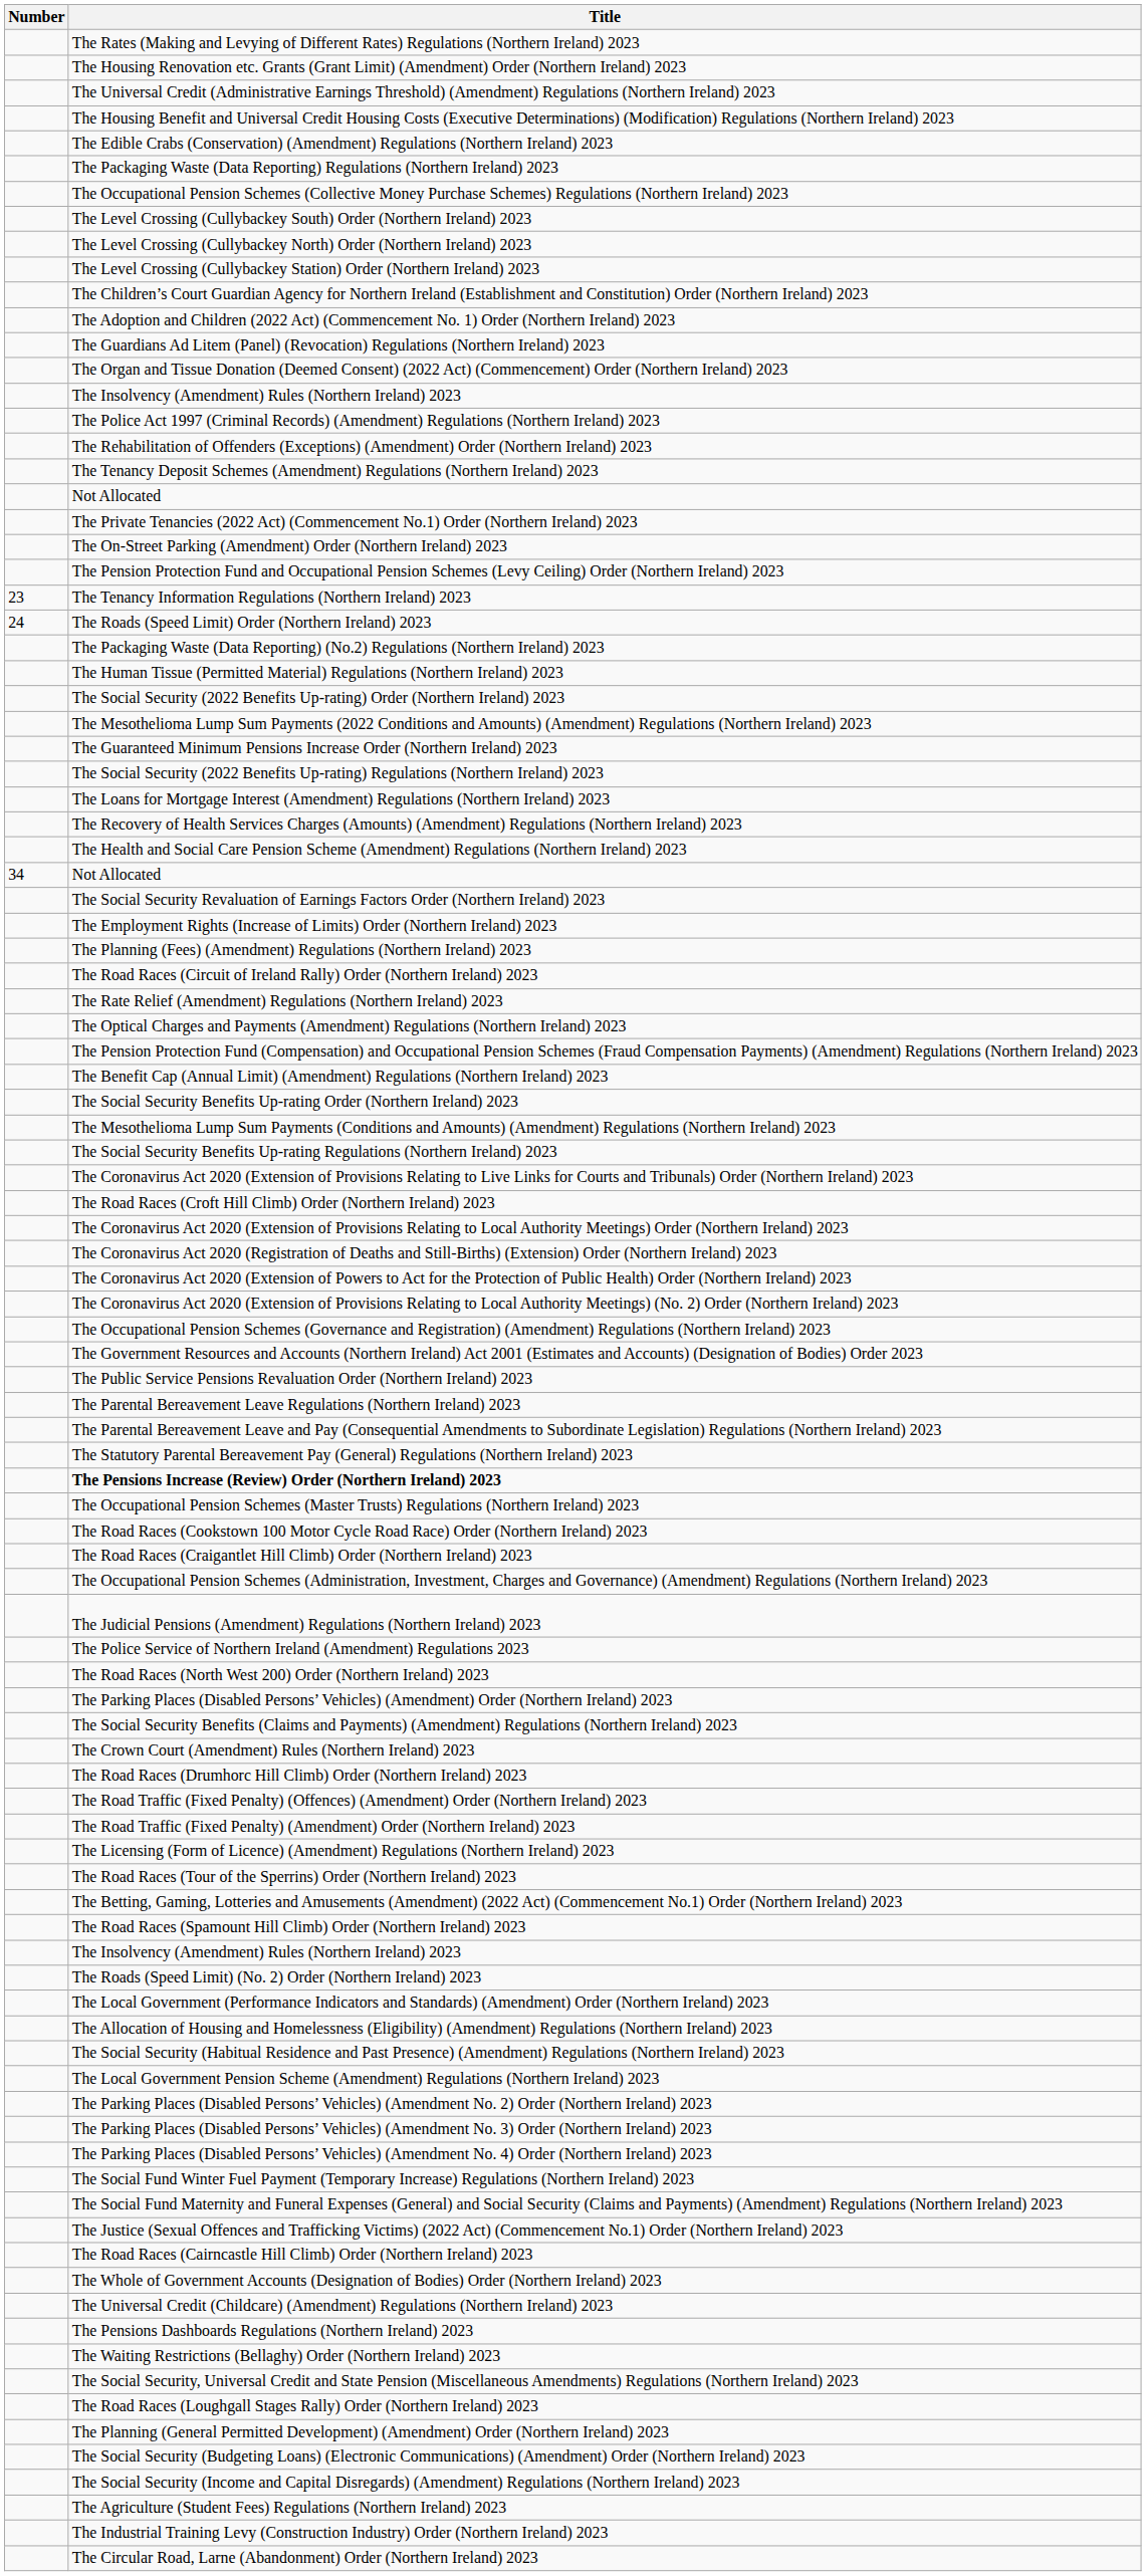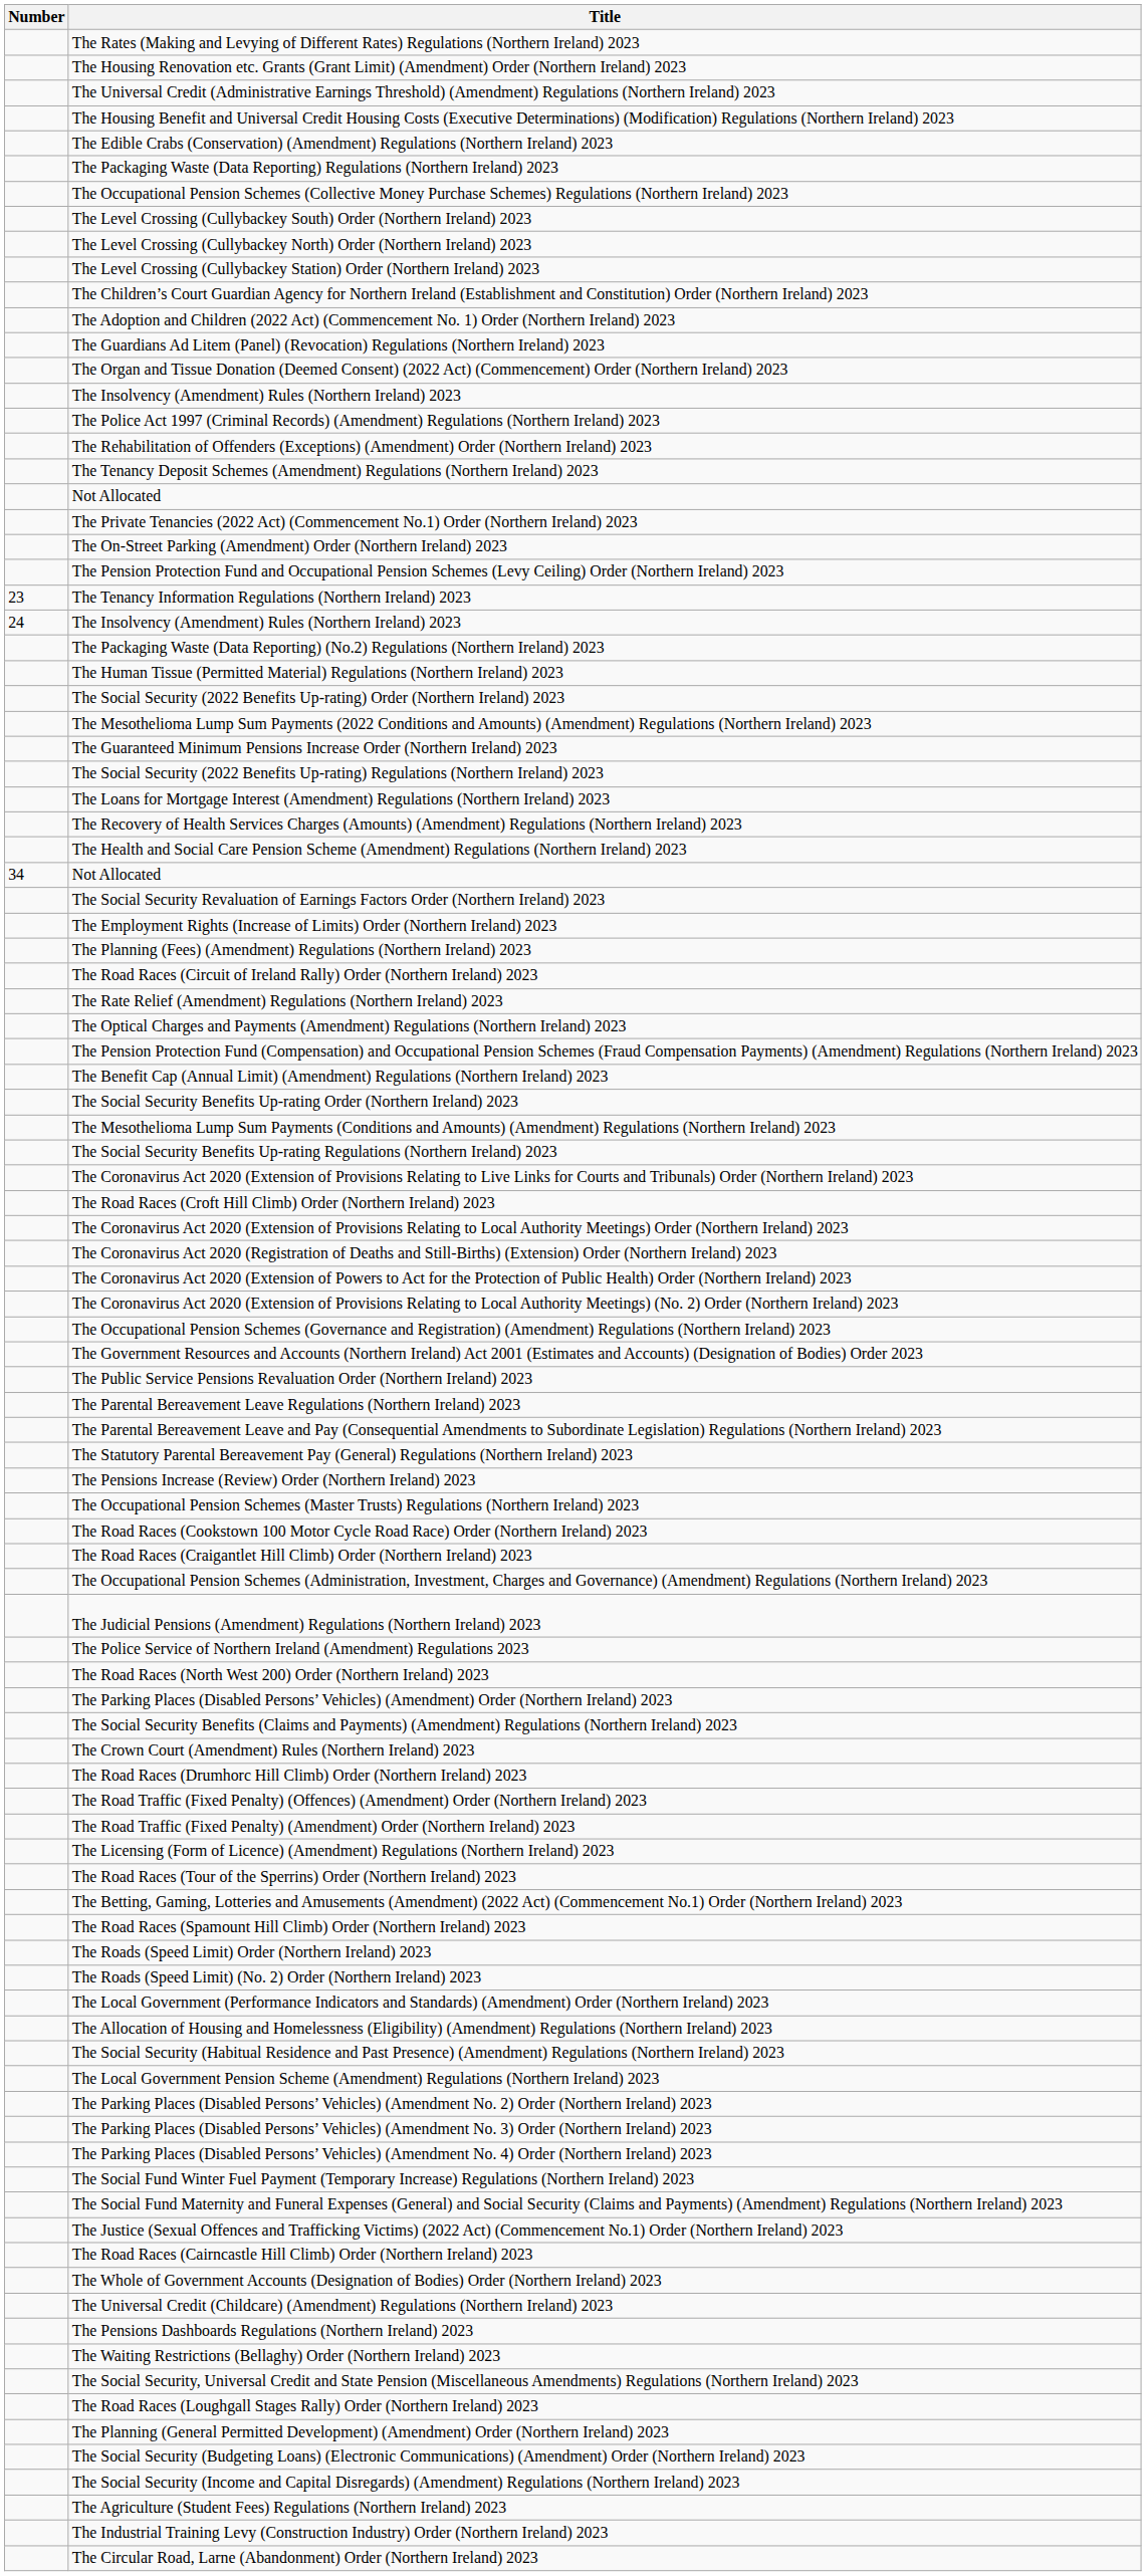 <table class="wikitable collapsible">
 <tr>
 <th>Number</th>
 <th>Title</th>
 </tr>
 <tr>
 <td></td>
 <td>The Rates (Making and Levying of Different Rates) Regulations (Northern Ireland) 2023</td>
 </tr>
 <tr>
 <td></td>
 <td>The Housing Renovation etc. Grants (Grant Limit) (Amendment) Order (Northern Ireland) 2023</td>
 </tr>
 <tr>
 <td></td>
 <td>The Universal Credit (Administrative Earnings Threshold) (Amendment) Regulations (Northern Ireland) 2023</td>
 </tr>
 <tr>
 <td></td>
 <td>The Housing Benefit and Universal Credit Housing Costs (Executive Determinations) (Modification) Regulations (Northern Ireland) 2023</td>
 </tr>
 <tr>
 <td></td>
 <td>The Edible Crabs (Conservation) (Amendment) Regulations (Northern Ireland) 2023</td>
 </tr>
 <tr>
 <td></td>
 <td>The Packaging Waste (Data Reporting) Regulations (Northern Ireland) 2023</td>
 </tr>
 <tr>
 <td></td>
 <td>The Occupational Pension Schemes (Collective Money Purchase Schemes) Regulations (Northern Ireland) 2023</td>
 </tr>
 <tr>
 <td></td>
 <td>The Level Crossing (Cullybackey South) Order (Northern Ireland) 2023</td>
 </tr>
 <tr>
 <td></td>
 <td>The Level Crossing (Cullybackey North) Order (Northern Ireland) 2023</td>
 </tr>
 <tr>
 <td></td>
 <td>The Level Crossing (Cullybackey Station) Order (Northern Ireland) 2023</td>
 </tr>
 <tr>
 <td></td>
 <td>The Children’s Court Guardian Agency for Northern Ireland (Establishment and Constitution) Order (Northern Ireland) 2023</td>
 </tr>
 <tr>
 <td></td>
 <td>The Adoption and Children (2022 Act) (Commencement No. 1) Order (Northern Ireland) 2023</td>
 </tr>
 <tr>
 <td></td>
 <td>The Guardians Ad Litem (Panel) (Revocation) Regulations (Northern Ireland) 2023</td>
 </tr>
 <tr>
 <td></td>
 <td>The Organ and Tissue Donation (Deemed Consent) (2022 Act) (Commencement) Order (Northern Ireland) 2023</td>
 </tr>
 <tr>
 <td></td>
 <td>The Insolvency (Amendment) Rules (Northern Ireland) 2023</td>
 </tr>
 <tr>
 <td></td>
 <td>The Police Act 1997 (Criminal Records) (Amendment) Regulations (Northern Ireland) 2023</td>
 </tr>
 <tr>
 <td></td>
 <td>The Rehabilitation of Offenders (Exceptions) (Amendment) Order (Northern Ireland) 2023</td>
 </tr>
 <tr>
 <td></td>
 <td>The Tenancy Deposit Schemes (Amendment) Regulations (Northern Ireland) 2023</td>
 </tr>
 <tr>
 <td></td>
 <td>Not Allocated</td>
 </tr>
 <tr>
 <td></td>
 <td>The Private Tenancies (2022 Act) (Commencement No.1) Order (Northern Ireland) 2023</td>
 </tr>
 <tr>
 <td></td>
 <td>The On-Street Parking (Amendment) Order (Northern Ireland) 2023</td>
 </tr>
 <tr>
 <td></td>
 <td>The Pension Protection Fund and Occupational Pension Schemes (Levy Ceiling) Order (Northern Ireland) 2023</td>
 </tr>
 <tr>
 <td>23</td>
 <td>The Tenancy Information Regulations (Northern Ireland) 2023</td>
 </tr>
 <tr>
 <td>24</td>
-<td>The Roads (Speed Limit) Order (Northern Ireland) 2023</td>
+<td>The Insolvency (Amendment) Rules (Northern Ireland) 2023</td>
 </tr>
 <tr>
 <td></td>
 <td>The Packaging Waste (Data Reporting) (No.2) Regulations (Northern Ireland) 2023</td>
 </tr>
 <tr>
 <td></td>
 <td>The Human Tissue (Permitted Material) Regulations (Northern Ireland) 2023</td>
 </tr>
 <tr>
 <td></td>
 <td>The Social Security (2022 Benefits Up-rating) Order (Northern Ireland) 2023</td>
 </tr>
 <tr>
 <td></td>
 <td>The Mesothelioma Lump Sum Payments (2022 Conditions and Amounts) (Amendment) Regulations (Northern Ireland) 2023</td>
 </tr>
 <tr>
 <td></td>
 <td>The Guaranteed Minimum Pensions Increase Order (Northern Ireland) 2023</td>
 </tr>
 <tr>
 <td></td>
 <td>The Social Security (2022 Benefits Up-rating) Regulations (Northern Ireland) 2023</td>
 </tr>
 <tr>
 <td></td>
 <td>The Loans for Mortgage Interest (Amendment) Regulations (Northern Ireland) 2023</td>
 </tr>
 <tr>
 <td></td>
 <td>The Recovery of Health Services Charges (Amounts) (Amendment) Regulations (Northern Ireland) 2023</td>
 </tr>
 <tr>
 <td></td>
 <td>The Health and Social Care Pension Scheme (Amendment) Regulations (Northern Ireland) 2023</td>
 </tr>
 <tr>
 <td>34</td>
 <td>Not Allocated</td>
 </tr>
 <tr>
 <td></td>
 <td>The Social Security Revaluation of Earnings Factors Order (Northern Ireland) 2023</td>
 </tr>
 <tr>
 <td></td>
 <td>The Employment Rights (Increase of Limits) Order (Northern Ireland) 2023</td>
 </tr>
 <tr>
 <td></td>
 <td>The Planning (Fees) (Amendment) Regulations (Northern Ireland) 2023</td>
 </tr>
 <tr>
 <td></td>
 <td>The Road Races (Circuit of Ireland Rally) Order (Northern Ireland) 2023</td>
 </tr>
 <tr>
 <td></td>
 <td>The Rate Relief (Amendment) Regulations (Northern Ireland) 2023</td>
 </tr>
 <tr>
 <td></td>
 <td>The Optical Charges and Payments (Amendment) Regulations (Northern Ireland) 2023</td>
 </tr>
 <tr>
 <td></td>
 <td>The Pension Protection Fund (Compensation) and Occupational Pension Schemes (Fraud Compensation Payments) (Amendment) Regulations (Northern Ireland) 2023</td>
 </tr>
 <tr>
 <td></td>
 <td>The Benefit Cap (Annual Limit) (Amendment) Regulations (Northern Ireland) 2023</td>
 </tr>
 <tr>
 <td></td>
 <td>The Social Security Benefits Up-rating Order (Northern Ireland) 2023</td>
 </tr>
 <tr>
 <td></td>
 <td>The Mesothelioma Lump Sum Payments (Conditions and Amounts) (Amendment) Regulations (Northern Ireland) 2023</td>
 </tr>
 <tr>
 <td></td>
 <td>The Social Security Benefits Up-rating Regulations (Northern Ireland) 2023</td>
 </tr>
 <tr>
 <td></td>
 <td>The Coronavirus Act 2020 (Extension of Provisions Relating to Live Links for Courts and Tribunals) Order (Northern Ireland) 2023</td>
 </tr>
 <tr>
 <td></td>
 <td>The Road Races (Croft Hill Climb) Order (Northern Ireland) 2023</td>
 </tr>
 <tr>
 <td></td>
 <td>The Coronavirus Act 2020 (Extension of Provisions Relating to Local Authority Meetings) Order (Northern Ireland) 2023</td>
 </tr>
 <tr>
 <td></td>
 <td>The Coronavirus Act 2020 (Registration of Deaths and Still-Births) (Extension) Order (Northern Ireland) 2023</td>
 </tr>
 <tr>
 <td></td>
 <td>The Coronavirus Act 2020 (Extension of Powers to Act for the Protection of Public Health) Order (Northern Ireland) 2023</td>
 </tr>
 <tr>
 <td></td>
 <td>The Coronavirus Act 2020 (Extension of Provisions Relating to Local Authority Meetings) (No. 2) Order (Northern Ireland) 2023</td>
 </tr>
 <tr>
 <td></td>
 <td>The Occupational Pension Schemes (Governance and Registration) (Amendment) Regulations (Northern Ireland) 2023</td>
 </tr>
 <tr>
 <td></td>
 <td>The Government Resources and Accounts (Northern Ireland) Act 2001 (Estimates and Accounts) (Designation of Bodies) Order 2023</td>
 </tr>
 <tr>
 <td></td>
 <td>The Public Service Pensions Revaluation Order (Northern Ireland) 2023</td>
 </tr>
 <tr>
 <td></td>
 <td>The Parental Bereavement Leave Regulations (Northern Ireland) 2023</td>
 </tr>
 <tr>
 <td></td>
 <td>The Parental Bereavement Leave and Pay (Consequential Amendments to Subordinate Legislation) Regulations (Northern Ireland) 2023</td>
 </tr>
 <tr>
 <td></td>
 <td>The Statutory Parental Bereavement Pay (General) Regulations (Northern Ireland) 2023</td>
 </tr>
 <tr>
 <td></td>
-<td><strong>The Pensions Increase (Review) Order (Northern Ireland) 2023</strong></td>
+<td>The Pensions Increase (Review) Order (Northern Ireland) 2023</td>
 </tr>
 <tr>
 <td></td>
 <td>The Occupational Pension Schemes (Master Trusts) Regulations (Northern Ireland) 2023</td>
 </tr>
 <tr>
 <td></td>
 <td>The Road Races (Cookstown 100 Motor Cycle Road Race) Order (Northern Ireland) 2023</td>
 </tr>
 <tr>
 <td></td>
 <td>The Road Races (Craigantlet Hill Climb) Order (Northern Ireland) 2023</td>
 </tr>
 <tr>
 <td></td>
 <td>The Occupational Pension Schemes (Administration, Investment, Charges and Governance) (Amendment) Regulations (Northern Ireland) 2023</td>
 </tr>
 <tr>
 <td></td>
 <td><br>The Judicial Pensions (Amendment) Regulations (Northern Ireland) 2023</td>
 </tr>
 <tr>
 <td></td>
 <td>The Police Service of Northern Ireland (Amendment) Regulations 2023</td>
 </tr>
 <tr>
 <td></td>
 <td>The Road Races (North West 200) Order (Northern Ireland) 2023</td>
 </tr>
 <tr>
 <td></td>
 <td>The Parking Places (Disabled Persons’ Vehicles) (Amendment) Order (Northern Ireland) 2023</td>
 </tr>
 <tr>
 <td></td>
 <td>The Social Security Benefits (Claims and Payments) (Amendment) Regulations (Northern Ireland) 2023</td>
 </tr>
 <tr>
 <td></td>
 <td>The Crown Court (Amendment) Rules (Northern Ireland) 2023</td>
 </tr>
 <tr>
 <td></td>
 <td>The Road Races (Drumhorc Hill Climb) Order (Northern Ireland) 2023</td>
 </tr>
 <tr>
 <td></td>
 <td>The Road Traffic (Fixed Penalty) (Offences) (Amendment) Order (Northern Ireland) 2023</td>
 </tr>
 <tr>
 <td></td>
 <td>The Road Traffic (Fixed Penalty) (Amendment) Order (Northern Ireland) 2023</td>
 </tr>
 <tr>
 <td></td>
 <td>The Licensing (Form of Licence) (Amendment) Regulations (Northern Ireland) 2023</td>
 </tr>
 <tr>
 <td></td>
 <td>The Road Races (Tour of the Sperrins) Order (Northern Ireland) 2023</td>
 </tr>
 <tr>
 <td></td>
 <td>The Betting, Gaming, Lotteries and Amusements (Amendment) (2022 Act) (Commencement No.1) Order (Northern Ireland) 2023</td>
 </tr>
 <tr>
 <td></td>
 <td>The Road Races (Spamount Hill Climb) Order (Northern Ireland) 2023</td>
 </tr>
 <tr>
 <td></td>
-<td>The Insolvency (Amendment) Rules (Northern Ireland) 2023</td>
+<td>The Roads (Speed Limit) Order (Northern Ireland) 2023</td>
 </tr>
 <tr>
 <td></td>
 <td>The Roads (Speed Limit) (No. 2) Order (Northern Ireland) 2023</td>
 </tr>
 <tr>
 <td></td>
 <td>The Local Government (Performance Indicators and Standards) (Amendment) Order (Northern Ireland) 2023</td>
 </tr>
 <tr>
 <td></td>
 <td>The Allocation of Housing and Homelessness (Eligibility) (Amendment) Regulations (Northern Ireland) 2023</td>
 </tr>
 <tr>
 <td></td>
 <td>The Social Security (Habitual Residence and Past Presence) (Amendment) Regulations (Northern Ireland) 2023</td>
 </tr>
 <tr>
 <td></td>
 <td>The Local Government Pension Scheme (Amendment) Regulations (Northern Ireland) 2023</td>
 </tr>
 <tr>
 <td></td>
 <td>The Parking Places (Disabled Persons’ Vehicles) (Amendment No. 2) Order (Northern Ireland) 2023</td>
 </tr>
 <tr>
 <td></td>
 <td>The Parking Places (Disabled Persons’ Vehicles) (Amendment No. 3) Order (Northern Ireland) 2023</td>
 </tr>
 <tr>
 <td></td>
 <td>The Parking Places (Disabled Persons’ Vehicles) (Amendment No. 4) Order (Northern Ireland) 2023</td>
 </tr>
 <tr>
 <td></td>
 <td>The Social Fund Winter Fuel Payment (Temporary Increase) Regulations (Northern Ireland) 2023</td>
 </tr>
 <tr>
 <td></td>
 <td>The Social Fund Maternity and Funeral Expenses (General) and Social Security (Claims and Payments) (Amendment) Regulations (Northern Ireland) 2023</td>
 </tr>
 <tr>
 <td></td>
 <td>The Justice (Sexual Offences and Trafficking Victims) (2022 Act) (Commencement No.1) Order (Northern Ireland) 2023</td>
 </tr>
 <tr>
 <td></td>
 <td>The Road Races (Cairncastle Hill Climb) Order (Northern Ireland) 2023</td>
 </tr>
 <tr>
 <td></td>
 <td>The Whole of Government Accounts (Designation of Bodies) Order (Northern Ireland) 2023</td>
 </tr>
 <tr>
 <td></td>
 <td>The Universal Credit (Childcare) (Amendment) Regulations (Northern Ireland) 2023</td>
 </tr>
 <tr>
 <td></td>
 <td>The Pensions Dashboards Regulations (Northern Ireland) 2023</td>
 </tr>
 <tr>
 <td></td>
 <td>The Waiting Restrictions (Bellaghy) Order (Northern Ireland) 2023</td>
 </tr>
 <tr>
 <td></td>
 <td>The Social Security, Universal Credit and State Pension (Miscellaneous Amendments) Regulations (Northern Ireland) 2023</td>
 </tr>
 <tr>
 <td></td>
 <td>The Road Races (Loughgall Stages Rally) Order (Northern Ireland) 2023</td>
 </tr>
 <tr>
 <td></td>
 <td>The Planning (General Permitted Development) (Amendment) Order (Northern Ireland) 2023</td>
 </tr>
 <tr>
 <td></td>
 <td>The Social Security (Budgeting Loans) (Electronic Communications) (Amendment) Order (Northern Ireland) 2023</td>
 </tr>
 <tr>
 <td></td>
 <td>The Social Security (Income and Capital Disregards) (Amendment) Regulations (Northern Ireland) 2023</td>
 </tr>
 <tr>
 <td></td>
 <td>The Agriculture (Student Fees) Regulations (Northern Ireland) 2023</td>
 </tr>
 <tr>
 <td></td>
 <td>The Industrial Training Levy (Construction Industry) Order (Northern Ireland) 2023</td>
 </tr>
 <tr>
 <td></td>
 <td>The Circular Road, Larne (Abandonment) Order (Northern Ireland) 2023</td>
 </tr>
 </table>
